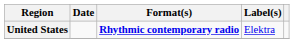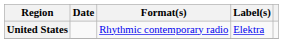 <table class="wikitable plainrowheaders" style="text-align:left">
 <tr>
 <th scope="col">Region</th>
 <th scope="col">Date</th>
 <th scope="col">Format(s)</th>
 <th scope="col">Label(s)</th>
 <th scope="col"></th>
 </tr>
 <tr>
 <th scope="row">United States</th>
 <td></td>
-<td><strong><a href='#'>Rhythmic contemporary radio</a></strong></td>
+<td><a href='#'>Rhythmic contemporary radio</a></td>
 <td><a href='#'>Elektra</a></td>
 <td></td>
 </tr>
 <tr>
 </tr>
 </table>
